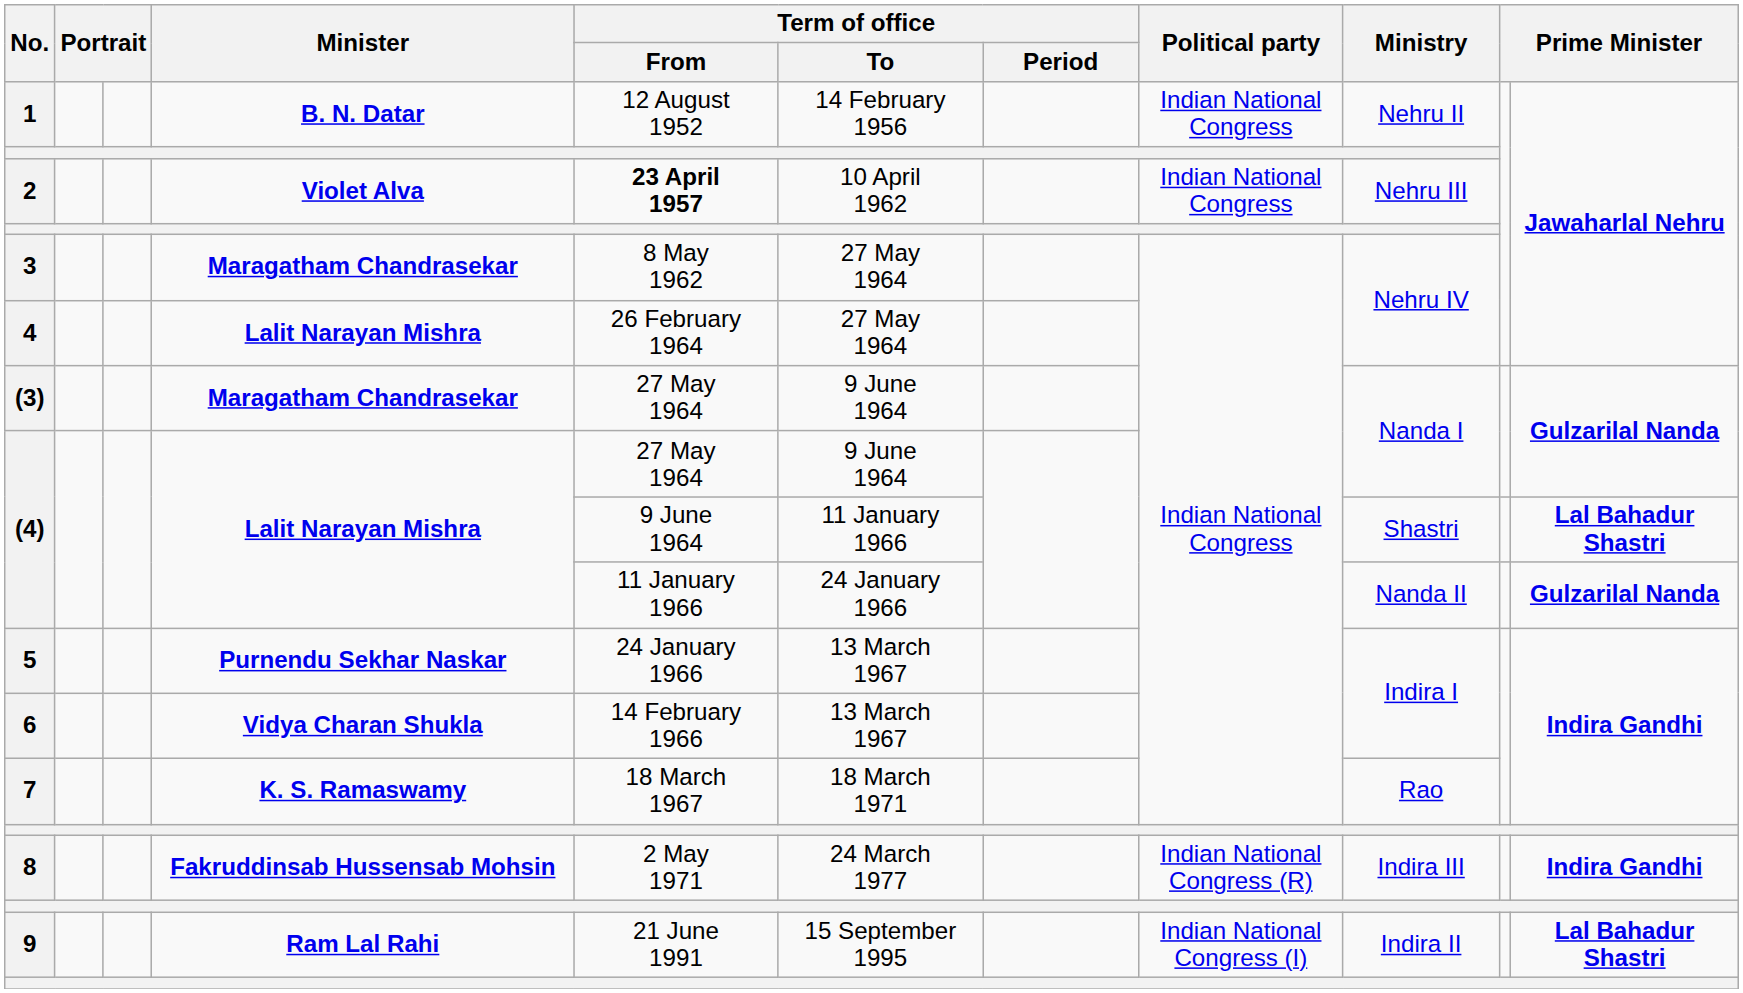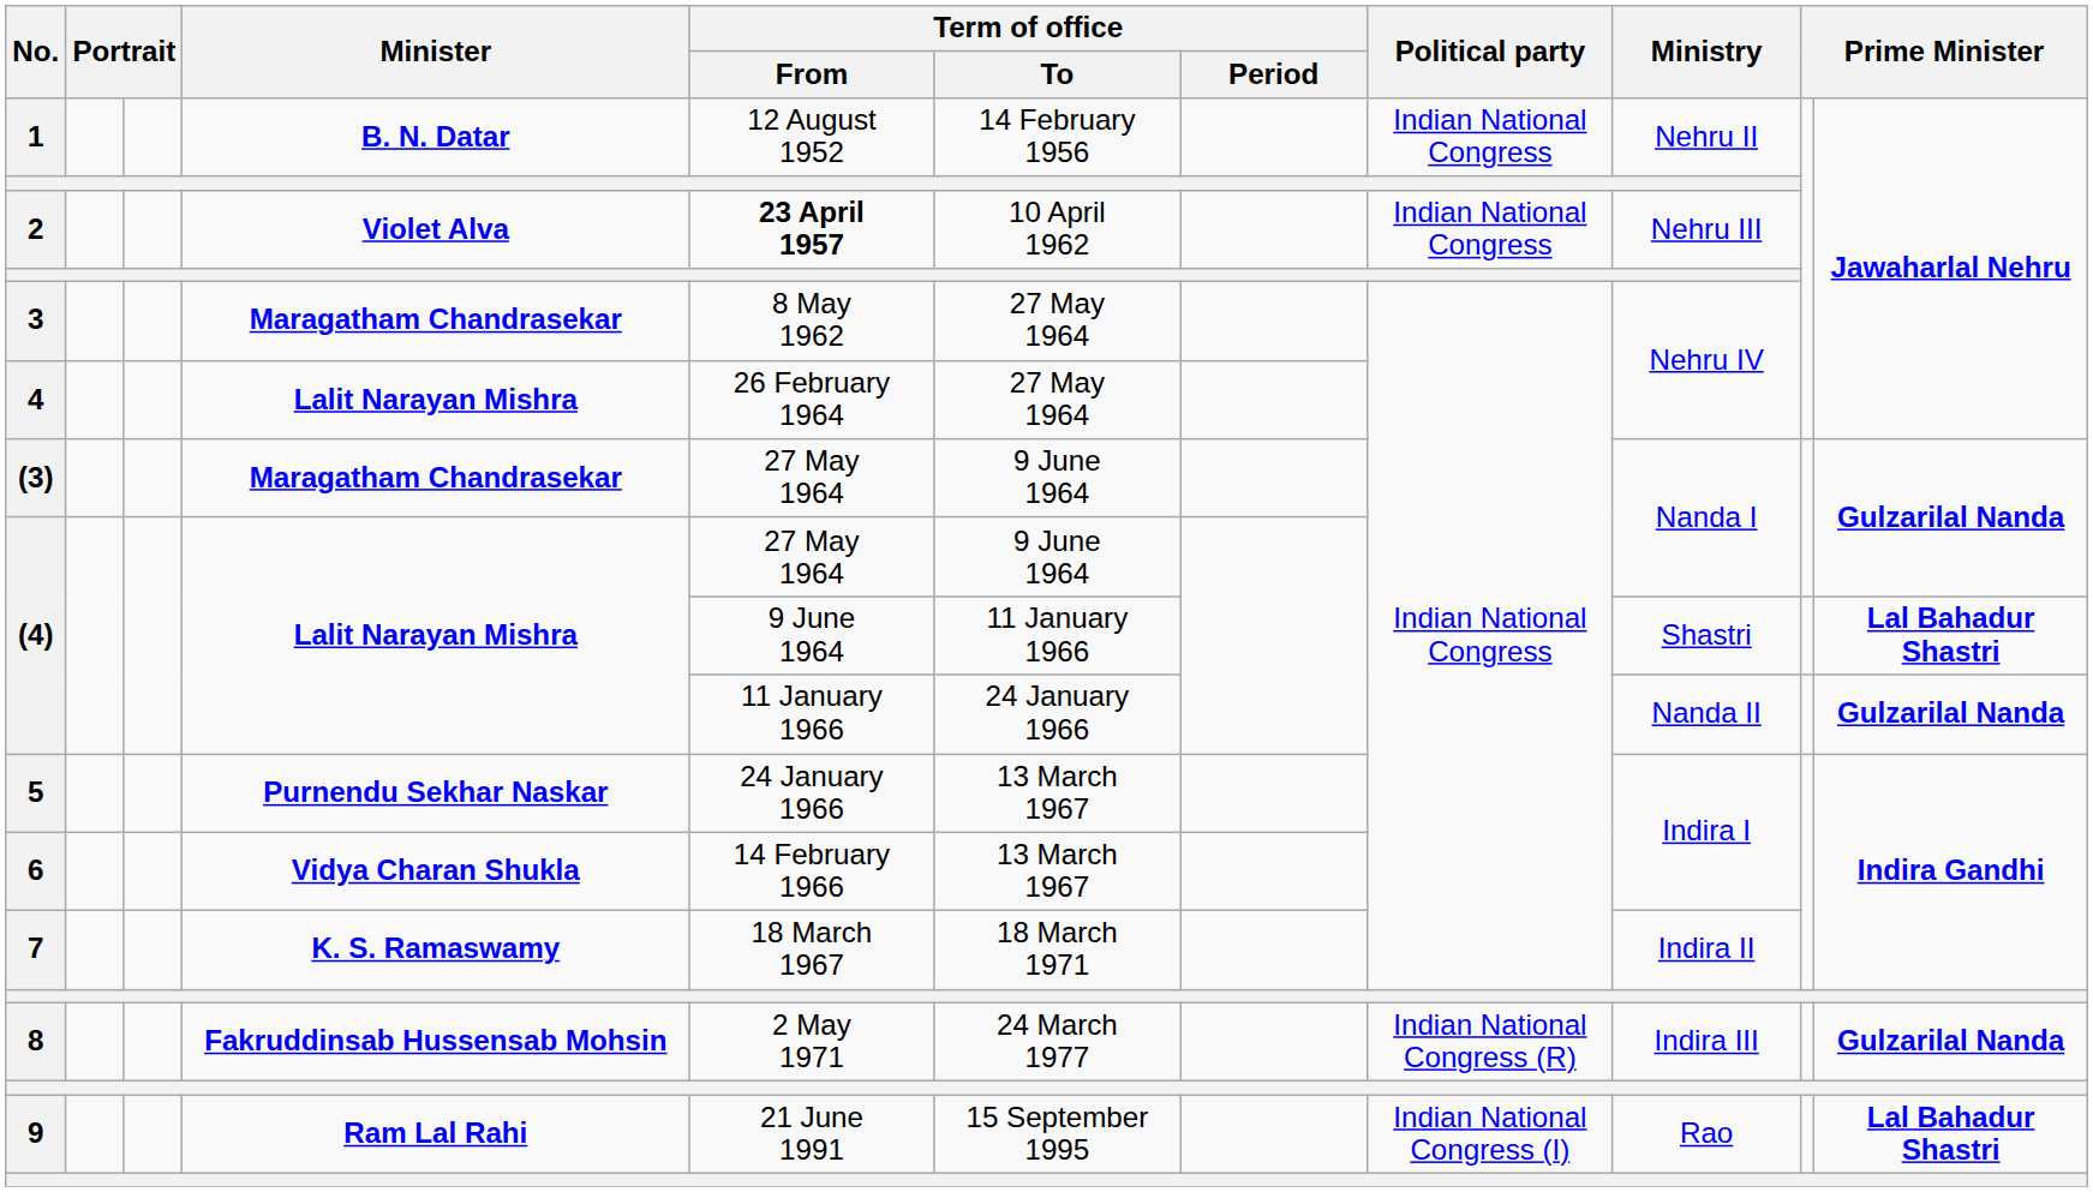 <table class="wikitable" style="text-align:center">
 <tr>
 <th rowspan="2">No.</th>
 <th colspan="2" rowspan="2">Portrait</th>
 <th rowspan="2" style="width:17em">Minister<br></th>
 <th colspan="3">Term of office</th>
 <th rowspan="2" style="width:8em">Political party</th>
 <th rowspan="2" style="width:6em">Ministry</th>
 <th rowspan="2" colspan="2">Prime Minister</th>
 </tr>
 <tr>
 <th style="width:8em">From</th>
 <th style="width:8em">To</th>
 <th style="width:6em">Period</th>
 </tr>
 <tr>
 <th>1</th>
 <td></td>
 <td></td>
 <td><strong><a href='#'>B. N. Datar</a></strong><br></td>
 <td>12 August<br>1952</td>
 <td>14 February<br>1956</td>
 <td><strong></strong></td>
 <td><a href='#'>Indian National Congress</a></td>
 <td><a href='#'>Nehru II</a></td>
 <td rowspan="6"></td>
 <td rowspan="6" style="width:9em"><strong><a href='#'>Jawaharlal Nehru</a></strong></td>
 </tr>
 <tr>
 <th colspan="9"></th>
 </tr>
 <tr>
 <th>2</th>
 <td></td>
 <td></td>
 <td><strong><a href='#'>Violet Alva</a></strong><br></td>
 <td><strong>23 April<br>1957</strong></td>
 <td>10 April<br>1962</td>
 <td><strong></strong></td>
 <td><a href='#'>Indian National Congress</a></td>
 <td><a href='#'>Nehru III</a></td>
 </tr>
 <tr>
 <th colspan="9"></th>
 </tr>
 <tr>
 <th>3</th>
 <td></td>
 <td></td>
 <td><strong><a href='#'>Maragatham Chandrasekar</a></strong><br></td>
 <td>8 May<br>1962</td>
 <td>27 May<br>1964</td>
 <td><strong></strong></td>
 <td rowspan="9"><a href='#'>Indian National Congress</a></td>
 <td rowspan="2"><a href='#'>Nehru IV</a></td>
 </tr>
 <tr>
 <th>4</th>
 <td></td>
 <td></td>
 <td><strong><a href='#'>Lalit Narayan Mishra</a></strong><br></td>
 <td>26 February<br>1964</td>
 <td>27 May<br>1964</td>
 <td><strong></strong></td>
 </tr>
 <tr>
 <th>(3)</th>
 <td></td>
 <td></td>
 <td><strong><a href='#'>Maragatham Chandrasekar</a></strong><br></td>
 <td>27 May<br>1964</td>
 <td>9 June<br>1964</td>
 <td><strong></strong></td>
 <td rowspan="2"><a href='#'>Nanda I</a></td>
 <td rowspan="2"></td>
 <td rowspan="2"><strong><a href='#'>Gulzarilal Nanda</a></strong></td>
 </tr>
 <tr>
 <th rowspan="3">(4)</th>
 <td rowspan="3"></td>
 <td rowspan="3"></td>
 <td rowspan="3"><strong><a href='#'>Lalit Narayan Mishra</a></strong><br></td>
 <td>27 May<br>1964</td>
 <td>9 June<br>1964</td>
 <td rowspan="3"><strong></strong></td>
 </tr>
 <tr>
 <td>9 June<br>1964</td>
 <td>11 January<br>1966</td>
 <td><a href='#'>Shastri</a></td>
 <td></td>
 <td><strong><a href='#'>Lal Bahadur Shastri</a></strong></td>
 </tr>
 <tr>
 <td>11 January<br>1966</td>
 <td>24 January<br>1966</td>
 <td><a href='#'>Nanda II</a></td>
 <td></td>
 <td><strong><a href='#'>Gulzarilal Nanda</a></strong></td>
 </tr>
 <tr>
 <th>5</th>
 <td></td>
 <td></td>
 <td><strong><a href='#'>Purnendu Sekhar Naskar</a></strong><br></td>
 <td>24 January<br>1966</td>
 <td>13 March<br>1967</td>
 <td><strong></strong></td>
 <td rowspan="2"><a href='#'>Indira I</a></td>
 <td rowspan="3"></td>
 <td rowspan="3"><strong><a href='#'>Indira Gandhi</a></strong></td>
 </tr>
 <tr>
 <th>6</th>
 <td></td>
 <td></td>
 <td><strong><a href='#'>Vidya Charan Shukla</a></strong><br></td>
 <td>14 February<br>1966</td>
 <td>13 March<br>1967</td>
 <td><strong></strong></td>
 </tr>
 <tr>
 <th>7</th>
 <td></td>
 <td></td>
 <td><strong><a href='#'>K. S. Ramaswamy</a></strong><br></td>
 <td>18 March<br>1967</td>
 <td>18 March<br>1971</td>
 <td><strong></strong></td>
-<td><a href='#'>Rao</a></td>
+<td><a href='#'>Indira II</a></td>
 </tr>
 <tr>
 <th colspan="11"></th>
 </tr>
 <tr>
 <th>8</th>
 <td></td>
 <td></td>
 <td><strong><a href='#'>Fakruddinsab Hussensab Mohsin</a></strong><br></td>
 <td>2 May<br>1971</td>
 <td>24 March<br>1977</td>
 <td><strong></strong></td>
 <td><a href='#'>Indian National Congress (R)</a></td>
 <td><a href='#'>Indira III</a></td>
 <td></td>
-<td><strong><a href='#'>Indira Gandhi</a></strong></td>
+<td><strong><a href='#'>Gulzarilal Nanda</a></strong></td>
 </tr>
 <tr>
 <th colspan="11"></th>
 </tr>
 <tr>
 <th>9</th>
 <td></td>
 <td></td>
 <td><strong><a href='#'>Ram Lal Rahi</a></strong><br></td>
 <td>21 June<br>1991</td>
 <td>15 September<br>1995</td>
 <td><strong></strong></td>
 <td><a href='#'>Indian National Congress (I)</a></td>
-<td><a href='#'>Indira II</a></td>
+<td><a href='#'>Rao</a></td>
 <td></td>
 <td><strong><a href='#'>Lal Bahadur Shastri</a></strong></td>
 </tr>
 <tr>
 <th colspan="11"></th>
 </tr>
 <tr>
 </tr>
 </table>
